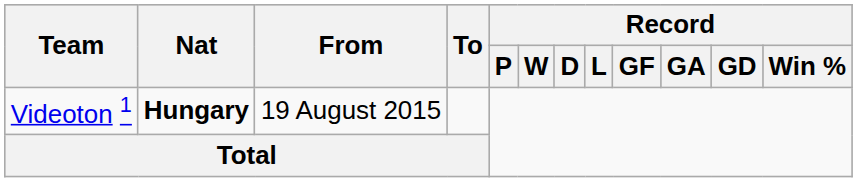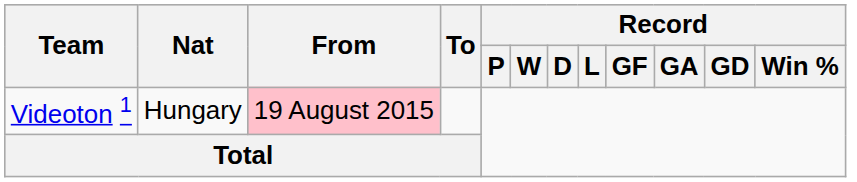 <table class="wikitable" style="text-align: center">
 <tr>
 <th rowspan="2">Team</th>
 <th rowspan="2">Nat</th>
 <th rowspan="2">From</th>
 <th rowspan="2">To</th>
 <th colspan="8">Record</th>
 </tr>
 <tr>
 <th>P</th>
 <th>W</th>
 <th>D</th>
 <th>L</th>
 <th>GF</th>
 <th>GA</th>
 <th>GD</th>
 <th>Win %</th>
 </tr>
 <tr>
 <td align=left><a href='#'>Videoton</a> <a href='#'><sup>1</sup></a></td>
-<td><strong>Hungary</strong></td>
-<td align=left>19 August 2015</td>
+<td>Hungary</td>
+<td align=left style="background: pink;">19 August 2015</td>
 <td align=left><br></td>
 </tr>
 <tr>
 <th colspan="4">Total<br></th>
 </tr>
 </table>
